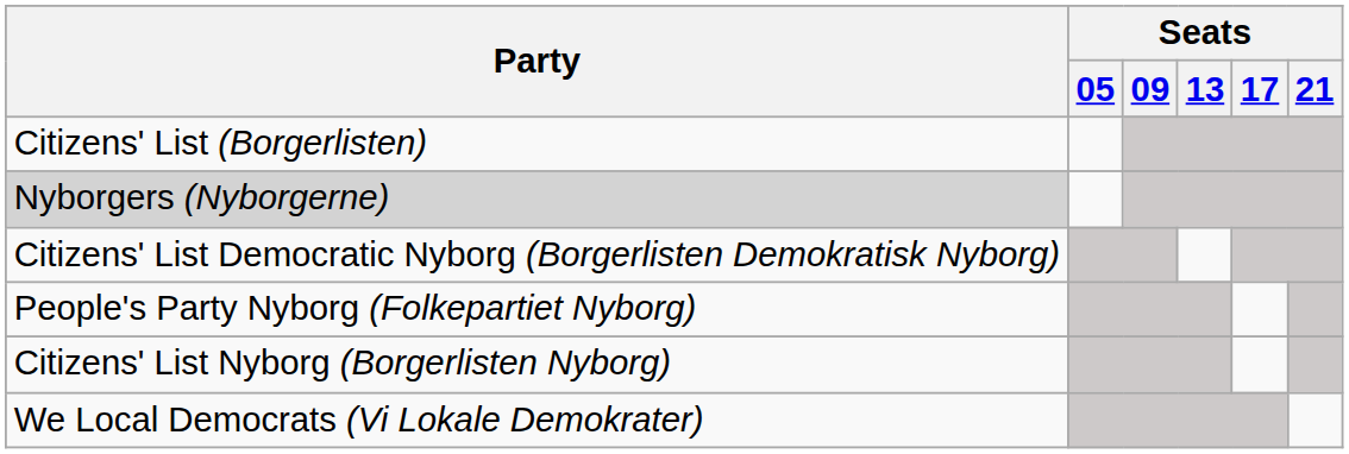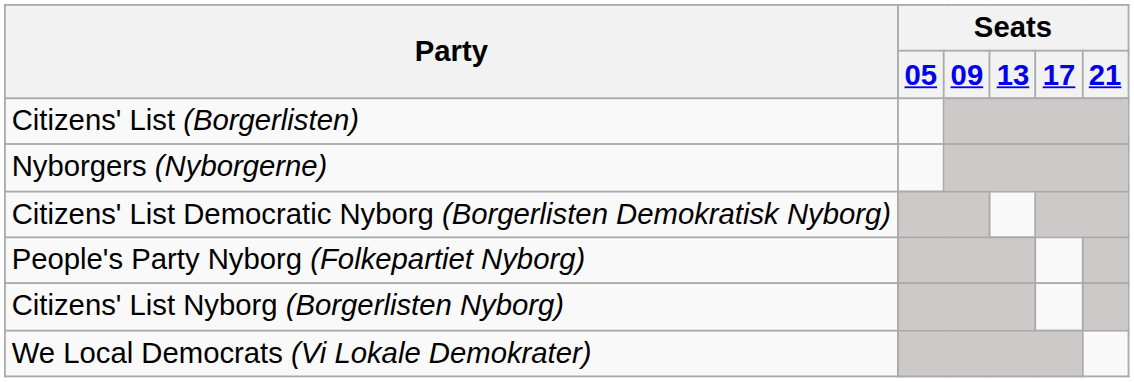 <table class="wikitable">
 <tr>
 <th rowspan=2>Party</th>
 <th colspan=11>Seats</th>
 </tr>
 <tr>
 <th><a href='#'>05</a></th>
 <th><a href='#'>09</a></th>
 <th><a href='#'>13</a></th>
 <th><a href='#'>17</a></th>
 <th><a href='#'>21</a></th>
 </tr>
 <tr>
 <td>Citizens' List <em>(Borgerlisten)</em></td>
 <td></td>
 <td style="background:#CDC9C9;" colspan=4></td>
 </tr>
 <tr>
-<td style="background: lightgrey;">Nyborgers <em>(Nyborgerne)</em></td>
+<td>Nyborgers <em>(Nyborgerne)</em></td>
 <td></td>
 <td style="background:#CDC9C9;" colspan=4></td>
 </tr>
 <tr>
 <td>Citizens' List Democratic Nyborg <em>(Borgerlisten Demokratisk Nyborg)</em></td>
 <td style="background:#CDC9C9;" colspan=2></td>
 <td></td>
 <td style="background:#CDC9C9;" colspan=2></td>
 </tr>
 <tr>
 <td>People's Party Nyborg <em>(Folkepartiet Nyborg)</em></td>
 <td style="background:#CDC9C9;" colspan=3></td>
 <td></td>
 <td style="background:#CDC9C9;"></td>
 </tr>
 <tr>
 <td>Citizens' List Nyborg <em>(Borgerlisten Nyborg)</em></td>
 <td style="background:#CDC9C9;" colspan=3></td>
 <td></td>
 <td style="background:#CDC9C9;"></td>
 </tr>
 <tr>
 <td>We Local Democrats <em>(Vi Lokale Demokrater)</em></td>
 <td style="background:#CDC9C9;" colspan=4></td>
 <td></td>
 </tr>
 </table>
